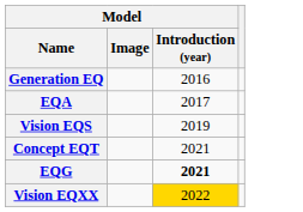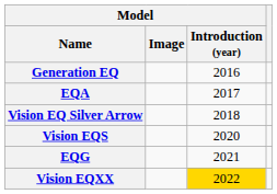 <table class="wikitable sortable" style="text-align: center;">
 <tr>
 <th scope="colgroup" colspan="3">Model</th>
 <th scope="col" rowspan="2" class="unsortable"></th>
 </tr>
 <tr>
 <th scope="col">Name</th>
 <th scope="col" class="unsortable">Image</th>
 <th scope="col">Introduction<br><small>(year)</small></th>
 </tr>
 <tr>
 <th scope=row><a href='#'>Generation EQ</a></th>
 <td></td>
 <td>2016</td>
 <td></td>
 </tr>
 <tr>
 <th scope=row><a href='#'>EQA</a></th>
 <td></td>
 <td>2017</td>
 <td></td>
 </tr>
 <tr>
-<th scope=row><a href='#'>Vision EQS</a></th>
+<th scope=row><a href='#'>Vision EQ Silver Arrow</a></th>
 <td></td>
-<td>2019</td>
+<td>2018</td>
 <td></td>
 </tr>
 <tr>
-<th scope=row><a href='#'>Concept EQT</a></th>
+<th scope=row><a href='#'>Vision EQS</a></th>
 <td></td>
-<td>2021</td>
+<td>2020</td>
 <td></td>
 </tr>
 <tr>
 <th scope=row><a href='#'>EQG</a></th>
 <td></td>
-<td><strong>2021</strong></td>
+<td>2021</td>
 <td></td>
 </tr>
 <tr>
 <th scope=row><a href='#'>Vision EQXX</a></th>
 <td></td>
 <td style="background: gold;">2022</td>
 <td></td>
 </tr>
 </table>
